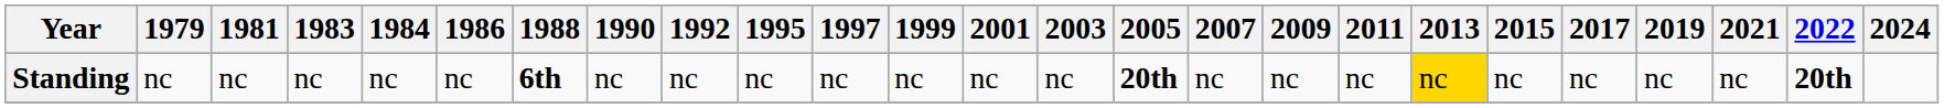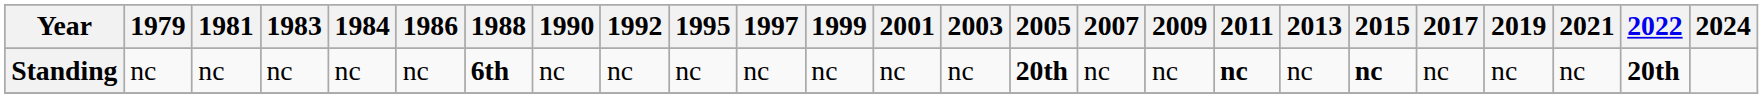 <table class="wikitable">
 <tr>
 <th>Year</th>
 <th>1979</th>
 <th>1981</th>
 <th>1983</th>
 <th>1984</th>
 <th>1986</th>
 <th>1988</th>
 <th>1990</th>
 <th>1992</th>
 <th>1995</th>
 <th>1997</th>
 <th>1999</th>
 <th>2001</th>
 <th>2003</th>
 <th>2005</th>
 <th>2007</th>
 <th>2009</th>
 <th>2011</th>
 <th>2013</th>
 <th>2015</th>
 <th>2017</th>
 <th>2019</th>
 <th>2021</th>
 <th><a href='#'>2022</a></th>
 <th>2024</th>
 </tr>
 <tr>
 <th>Standing</th>
 <td>nc</td>
 <td>nc</td>
 <td>nc</td>
 <td>nc</td>
 <td>nc</td>
 <td><strong>6th</strong></td>
 <td>nc</td>
 <td>nc</td>
 <td>nc</td>
 <td>nc</td>
 <td>nc</td>
 <td>nc</td>
 <td>nc</td>
 <td><strong>20th</strong></td>
 <td>nc</td>
 <td>nc</td>
+<td><strong>nc</strong></td>
 <td>nc</td>
-<td style="background: gold;">nc</td>
-<td>nc</td>
+<td><strong>nc</strong></td>
 <td>nc</td>
 <td>nc</td>
 <td>nc</td>
 <td><strong>20th</strong></td>
 </tr>
 <tr>
 </tr>
 </table>
